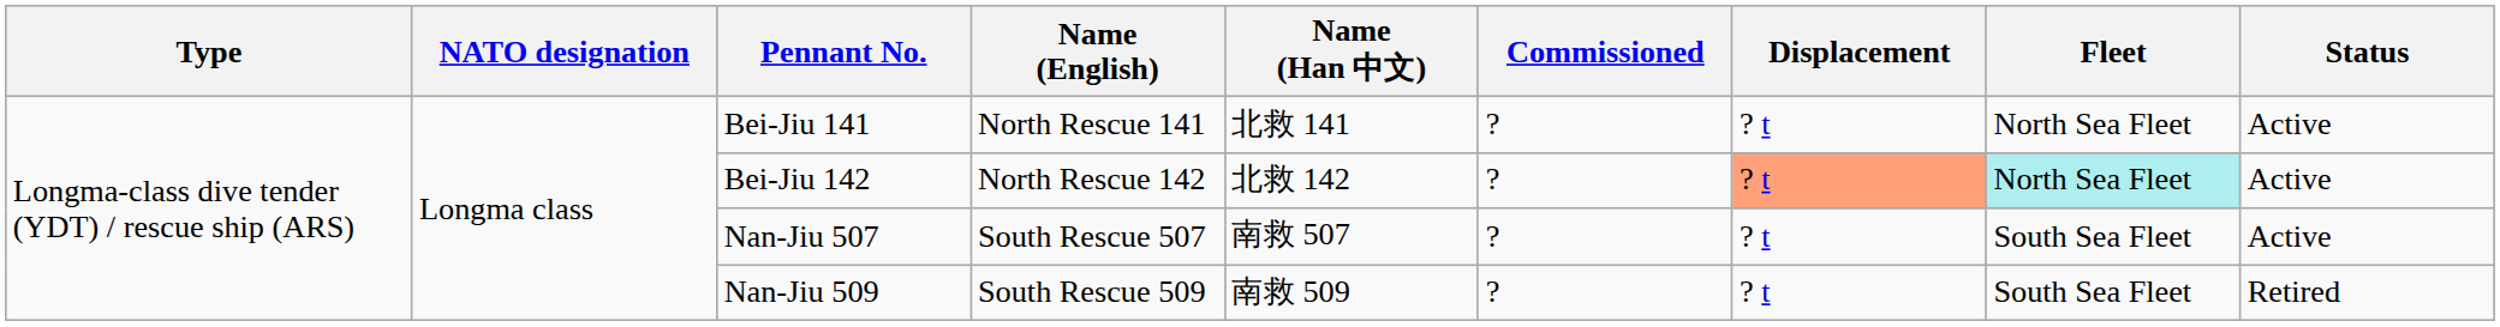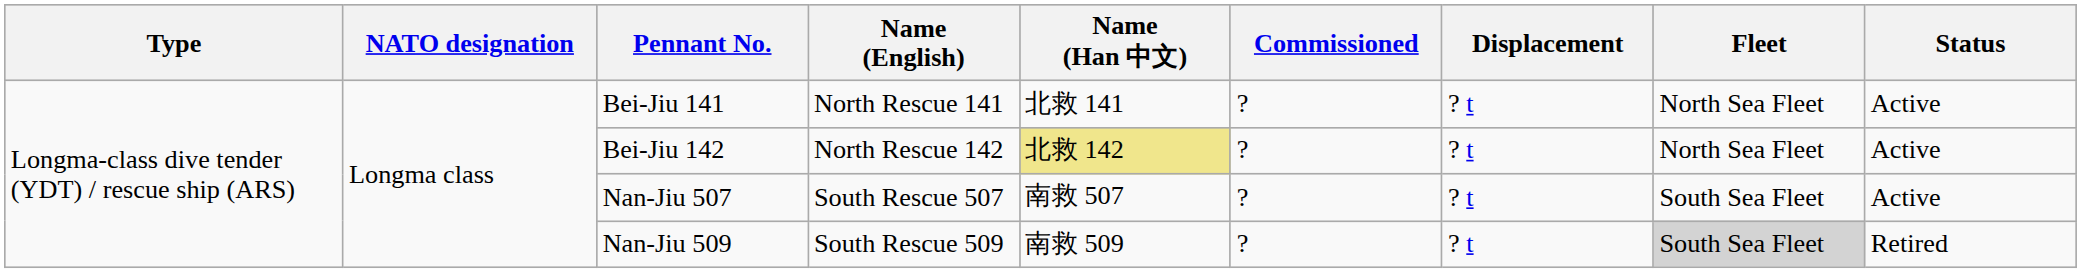 <table class="wikitable sortable"  style="margin:auto; width:100%;">
 <tr>
 <th style="text-align:center; width:16%;">Type</th>
 <th style="text-align:center; width:12%;"><a href='#'>NATO designation</a></th>
 <th style="text-align:center; width:10%;"><a href='#'>Pennant No.</a></th>
 <th style="text-align:center; width:10%;">Name<br>(English)</th>
 <th style="text-align:center; width:10%;">Name<br>(Han 中文)</th>
 <th style="text-align:center; width:10%;"><a href='#'>Commissioned</a></th>
 <th style="text-align:center; width:10%;">Displacement</th>
 <th style="text-align:center; width:10%;">Fleet</th>
 <th style="text-align:center; width:10%;">Status</th>
 </tr>
 <tr>
 <td rowspan="4">Longma-class dive tender (YDT) / rescue ship (ARS)</td>
 <td rowspan="4">Longma class</td>
 <td>Bei-Jiu 141</td>
 <td>North Rescue 141</td>
 <td>北救 141</td>
 <td>?</td>
 <td>? <a href='#'>t</a></td>
 <td>North Sea Fleet</td>
 <td><span>Active</span></td>
 </tr>
 <tr>
 <td>Bei-Jiu 142</td>
 <td>North Rescue 142</td>
-<td>北救 142</td>
+<td style="background: khaki;">北救 142</td>
 <td>?</td>
-<td style="background: lightsalmon;">? <a href='#'>t</a></td>
-<td style="background: paleturquoise;">North Sea Fleet</td>
+<td>? <a href='#'>t</a></td>
+<td>North Sea Fleet</td>
 <td><span>Active</span></td>
 </tr>
 <tr>
 <td>Nan-Jiu 507</td>
 <td>South Rescue 507</td>
 <td>南救 507</td>
 <td>?</td>
 <td>? <a href='#'>t</a></td>
 <td>South Sea Fleet</td>
 <td><span>Active</span></td>
 </tr>
 <tr>
 <td>Nan-Jiu 509</td>
 <td>South Rescue 509</td>
 <td>南救 509</td>
 <td>?</td>
 <td>? <a href='#'>t</a></td>
-<td>South Sea Fleet</td>
+<td style="background: lightgrey;">South Sea Fleet</td>
 <td><span>Retired</span></td>
 </tr>
 </table>
